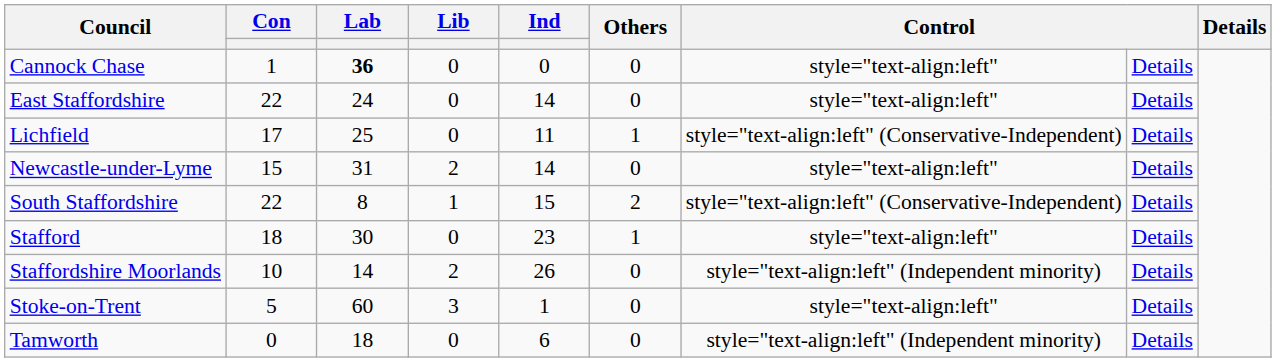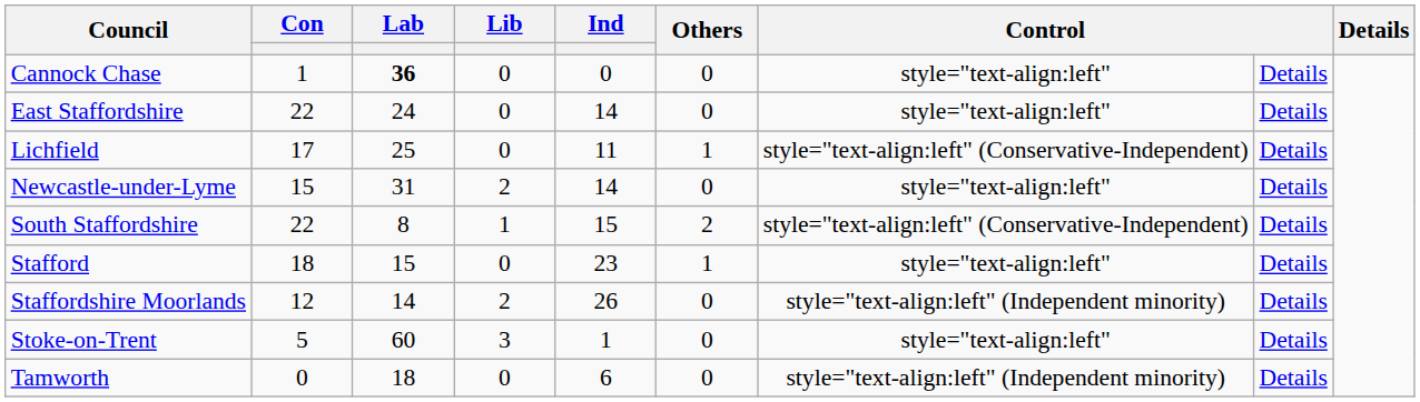 <table class="wikitable" style="text-align:center;">
 <tr>
 <th rowspan=2>Council</th>
 <th style="width:60px;"><a href='#'>Con</a></th>
 <th style="width:60px;"><a href='#'>Lab</a></th>
 <th style="width:60px;"><a href='#'>Lib</a></th>
 <th style="width:60px;"><a href='#'>Ind</a></th>
 <th style="width:60px;" rowspan=2>Others</th>
 <th rowspan=2 colspan=2>Control</th>
 <th rowspan=2>Details</th>
 </tr>
 <tr>
 <th style="background:"></th>
 <th style="background:"></th>
 <th style="background:"></th>
 <th style="background:"></th>
 </tr>
 <tr>
 <td style="text-align:left"><a href='#'>Cannock Chase</a></td>
 <td>1</td>
 <td><strong>36</strong></td>
 <td>0</td>
 <td>0</td>
 <td>0</td>
 <td>style="text-align:left" </td>
 <td style="text-align:left"><a href='#'>Details</a></td>
 </tr>
 <tr>
 <td style="text-align:left"><a href='#'>East Staffordshire</a></td>
 <td>22</td>
 <td>24</td>
 <td>0</td>
 <td>14</td>
 <td>0</td>
 <td>style="text-align:left" </td>
 <td style="text-align:left"><a href='#'>Details</a></td>
 </tr>
 <tr>
 <td style="text-align:left"><a href='#'>Lichfield</a></td>
 <td>17</td>
 <td>25</td>
 <td>0</td>
 <td>11</td>
 <td>1</td>
 <td>style="text-align:left"  (Conservative-Independent)</td>
 <td style="text-align:left"><a href='#'>Details</a></td>
 </tr>
 <tr>
 <td style="text-align:left"><a href='#'>Newcastle-under-Lyme</a></td>
 <td>15</td>
 <td>31</td>
 <td>2</td>
 <td>14</td>
 <td>0</td>
 <td>style="text-align:left" </td>
 <td style="text-align:left"><a href='#'>Details</a></td>
 </tr>
 <tr>
 <td style="text-align:left"><a href='#'>South Staffordshire</a></td>
 <td>22</td>
 <td>8</td>
 <td>1</td>
 <td>15</td>
 <td>2</td>
 <td>style="text-align:left"  (Conservative-Independent)</td>
 <td style="text-align:left"><a href='#'>Details</a></td>
 </tr>
 <tr>
 <td style="text-align:left"><a href='#'>Stafford</a></td>
 <td>18</td>
-<td>30</td>
+<td>15</td>
 <td>0</td>
 <td>23</td>
 <td>1</td>
 <td>style="text-align:left" </td>
 <td style="text-align:left"><a href='#'>Details</a></td>
 </tr>
 <tr>
 <td style="text-align:left"><a href='#'>Staffordshire Moorlands</a></td>
-<td>10</td>
+<td>12</td>
 <td>14</td>
 <td>2</td>
 <td>26</td>
 <td>0</td>
 <td>style="text-align:left"  (Independent minority)</td>
 <td style="text-align:left"><a href='#'>Details</a></td>
 </tr>
 <tr>
 <td style="text-align:left"><a href='#'>Stoke-on-Trent</a></td>
 <td>5</td>
 <td>60</td>
 <td>3</td>
 <td>1</td>
 <td>0</td>
 <td>style="text-align:left" </td>
 <td style="text-align:left"><a href='#'>Details</a></td>
 </tr>
 <tr>
 <td style="text-align:left"><a href='#'>Tamworth</a></td>
 <td>0</td>
 <td>18</td>
 <td>0</td>
 <td>6</td>
 <td>0</td>
 <td>style="text-align:left"  (Independent minority)</td>
 <td style="text-align:left"><a href='#'>Details</a></td>
 </tr>
 </table>
